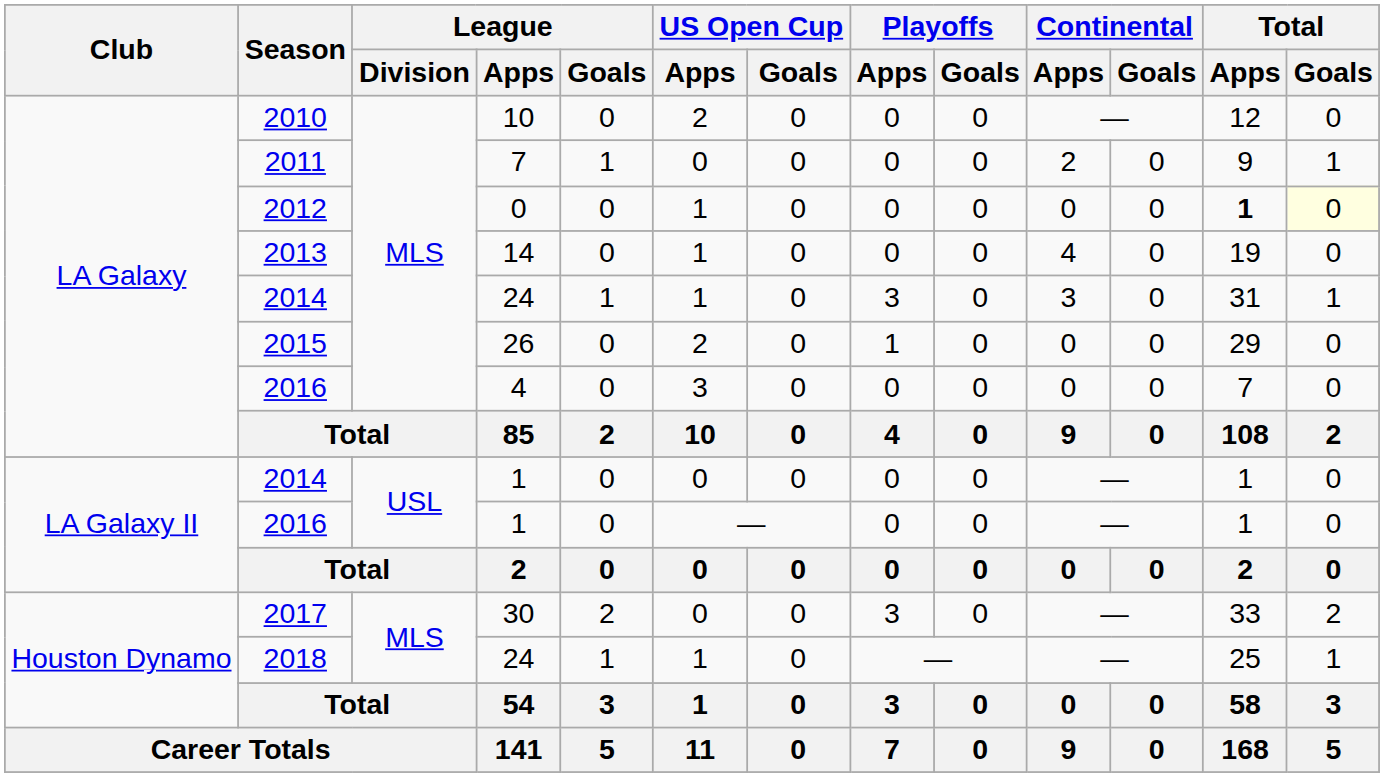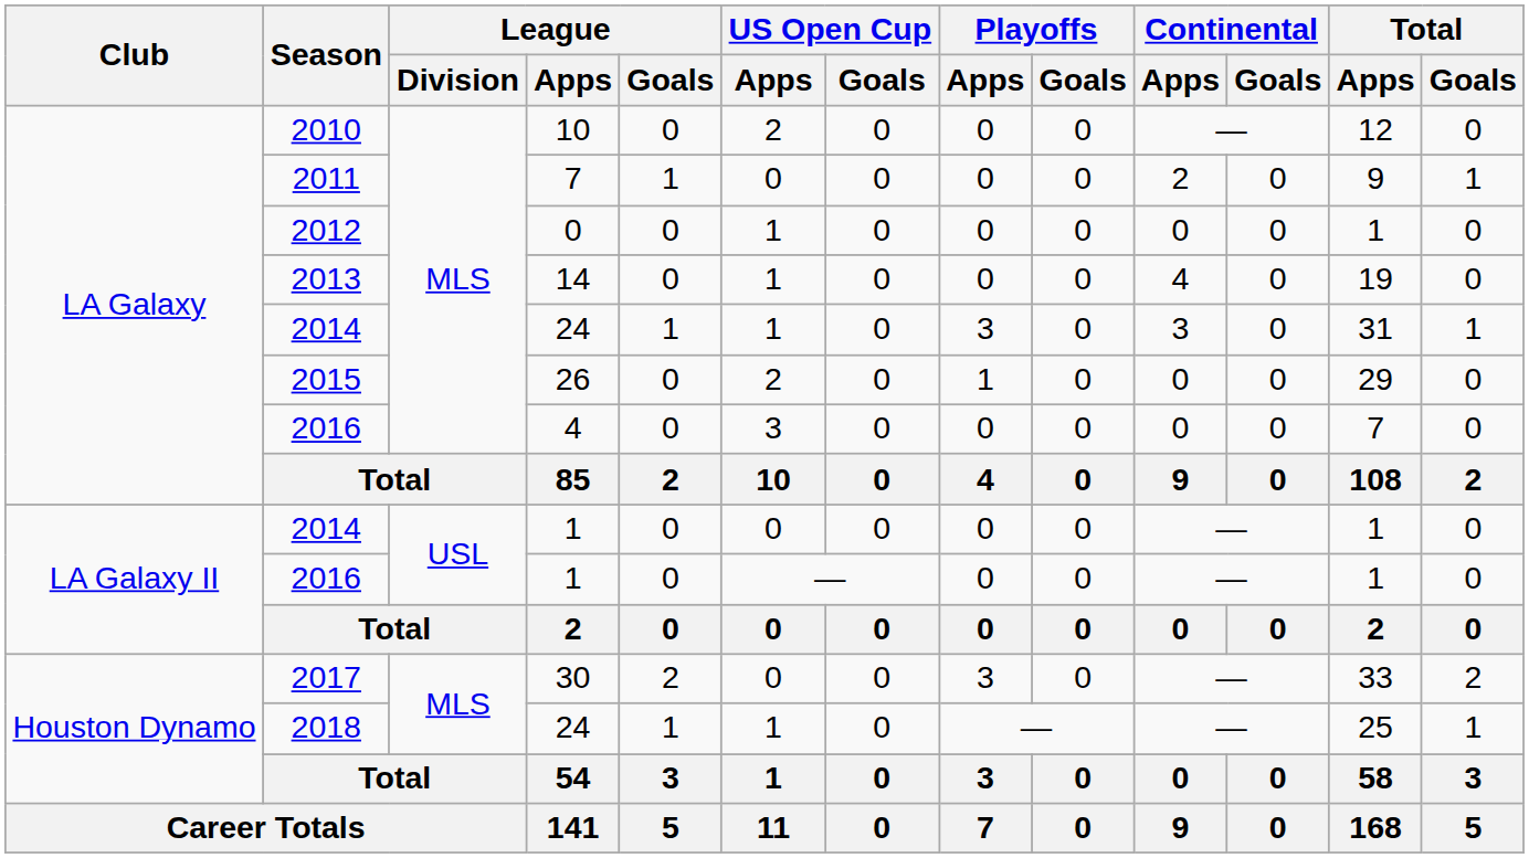 <table class="wikitable" style="text-align:center">
 <tr>
 <th rowspan="2">Club</th>
 <th rowspan="2">Season</th>
 <th colspan="3">League</th>
 <th colspan="2"><a href='#'>US Open Cup</a></th>
 <th colspan="2"><a href='#'>Playoffs</a></th>
 <th colspan="2"><a href='#'>Continental</a></th>
 <th colspan="2">Total</th>
 </tr>
 <tr>
 <th>Division</th>
 <th>Apps</th>
 <th>Goals</th>
 <th>Apps</th>
 <th>Goals</th>
 <th>Apps</th>
 <th>Goals</th>
 <th>Apps</th>
 <th>Goals</th>
 <th>Apps</th>
 <th>Goals</th>
 </tr>
 <tr>
 <td rowspan="8"><a href='#'>LA Galaxy</a></td>
 <td><a href='#'>2010</a></td>
 <td rowspan="7"><a href='#'>MLS</a></td>
 <td>10</td>
 <td>0</td>
 <td>2</td>
 <td>0</td>
 <td>0</td>
 <td>0</td>
 <td colspan="2">—</td>
 <td>12</td>
 <td>0</td>
 </tr>
 <tr>
 <td><a href='#'>2011</a></td>
 <td>7</td>
 <td>1</td>
 <td>0</td>
 <td>0</td>
 <td>0</td>
 <td>0</td>
 <td>2</td>
 <td>0</td>
 <td>9</td>
 <td>1</td>
 </tr>
 <tr>
 <td><a href='#'>2012</a></td>
 <td>0</td>
 <td>0</td>
 <td>1</td>
 <td>0</td>
 <td>0</td>
 <td>0</td>
 <td>0</td>
 <td>0</td>
-<td><strong>1</strong></td>
-<td style="background: lightyellow;">0</td>
+<td>1</td>
+<td>0</td>
 </tr>
 <tr>
 <td><a href='#'>2013</a></td>
 <td>14</td>
 <td>0</td>
 <td>1</td>
 <td>0</td>
 <td>0</td>
 <td>0</td>
 <td>4</td>
 <td>0</td>
 <td>19</td>
 <td>0</td>
 </tr>
 <tr>
 <td><a href='#'>2014</a></td>
 <td>24</td>
 <td>1</td>
 <td>1</td>
 <td>0</td>
 <td>3</td>
 <td>0</td>
 <td>3</td>
 <td>0</td>
 <td>31</td>
 <td>1</td>
 </tr>
 <tr>
 <td><a href='#'>2015</a></td>
 <td>26</td>
 <td>0</td>
 <td>2</td>
 <td>0</td>
 <td>1</td>
 <td>0</td>
 <td>0</td>
 <td>0</td>
 <td>29</td>
 <td>0</td>
 </tr>
 <tr>
 <td><a href='#'>2016</a></td>
 <td>4</td>
 <td>0</td>
 <td>3</td>
 <td>0</td>
 <td>0</td>
 <td>0</td>
 <td>0</td>
 <td>0</td>
 <td>7</td>
 <td>0</td>
 </tr>
 <tr>
 <th colspan="2">Total</th>
 <th>85</th>
 <th>2</th>
 <th>10</th>
 <th>0</th>
 <th>4</th>
 <th>0</th>
 <th>9</th>
 <th>0</th>
 <th>108</th>
 <th>2</th>
 </tr>
 <tr>
 <td rowspan="3"><a href='#'>LA Galaxy II</a></td>
 <td><a href='#'>2014</a></td>
 <td rowspan="2"><a href='#'>USL</a></td>
 <td>1</td>
 <td>0</td>
 <td>0</td>
 <td>0</td>
 <td>0</td>
 <td>0</td>
 <td colspan="2">—</td>
 <td>1</td>
 <td>0</td>
 </tr>
 <tr>
 <td><a href='#'>2016</a></td>
 <td>1</td>
 <td>0</td>
 <td colspan="2">—</td>
 <td>0</td>
 <td>0</td>
 <td colspan="2">—</td>
 <td>1</td>
 <td>0</td>
 </tr>
 <tr>
 <th colspan="2">Total</th>
 <th>2</th>
 <th>0</th>
 <th>0</th>
 <th>0</th>
 <th>0</th>
 <th>0</th>
 <th>0</th>
 <th>0</th>
 <th>2</th>
 <th>0</th>
 </tr>
 <tr>
 <td rowspan="3"><a href='#'>Houston Dynamo</a></td>
 <td><a href='#'>2017</a></td>
 <td rowspan="2"><a href='#'>MLS</a></td>
 <td>30</td>
 <td>2</td>
 <td>0</td>
 <td>0</td>
 <td>3</td>
 <td>0</td>
 <td colspan="2">—</td>
 <td>33</td>
 <td>2</td>
 </tr>
 <tr>
 <td><a href='#'>2018</a></td>
 <td>24</td>
 <td>1</td>
 <td>1</td>
 <td>0</td>
 <td colspan="2">—</td>
 <td colspan="2">—</td>
 <td>25</td>
 <td>1</td>
 </tr>
 <tr>
 <th colspan="2">Total</th>
 <th>54</th>
 <th>3</th>
 <th>1</th>
 <th>0</th>
 <th>3</th>
 <th>0</th>
 <th>0</th>
 <th>0</th>
 <th>58</th>
 <th>3</th>
 </tr>
 <tr>
 <th colspan="3">Career Totals</th>
 <th>141</th>
 <th>5</th>
 <th>11</th>
 <th>0</th>
 <th>7</th>
 <th>0</th>
 <th>9</th>
 <th>0</th>
 <th>168</th>
 <th>5</th>
 </tr>
 </table>
